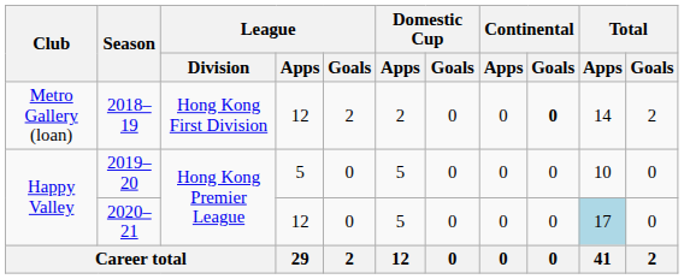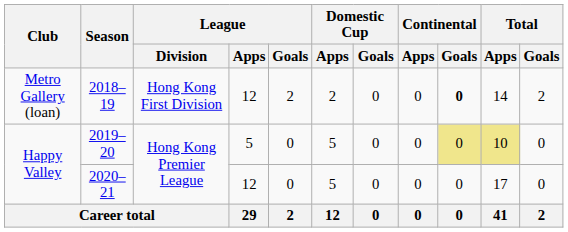 <table class="wikitable" style="text-align: center">
 <tr>
 <th rowspan="2">Club</th>
 <th rowspan="2">Season</th>
 <th colspan="3">League</th>
 <th colspan="2">Domestic Cup</th>
 <th colspan="2">Continental</th>
 <th colspan="2">Total</th>
 </tr>
 <tr>
 <th>Division</th>
 <th>Apps</th>
 <th>Goals</th>
 <th>Apps</th>
 <th>Goals</th>
 <th>Apps</th>
 <th>Goals</th>
 <th>Apps</th>
 <th>Goals</th>
 </tr>
 <tr>
 <td><a href='#'>Metro Gallery</a> (loan)</td>
 <td><a href='#'>2018–19</a></td>
 <td><a href='#'>Hong Kong First Division</a></td>
 <td>12</td>
 <td>2</td>
 <td>2</td>
 <td>0</td>
 <td>0</td>
 <td><strong>0</strong></td>
 <td>14</td>
 <td>2</td>
 </tr>
 <tr>
 <td rowspan="2"><a href='#'>Happy Valley</a></td>
 <td><a href='#'>2019–20</a></td>
 <td rowspan="2"><a href='#'>Hong Kong Premier League</a></td>
 <td>5</td>
 <td>0</td>
 <td>5</td>
 <td>0</td>
 <td>0</td>
-<td>0</td>
-<td>10</td>
+<td style="background: khaki;">0</td>
+<td style="background: khaki;">10</td>
 <td>0</td>
 </tr>
 <tr>
 <td><a href='#'>2020–21</a></td>
 <td>12</td>
 <td>0</td>
 <td>5</td>
 <td>0</td>
 <td>0</td>
 <td>0</td>
-<td style="background: lightblue;">17</td>
+<td>17</td>
 <td>0</td>
 </tr>
 <tr>
 <th colspan=3>Career total</th>
 <th>29</th>
 <th>2</th>
 <th>12</th>
 <th>0</th>
 <th>0</th>
 <th>0</th>
 <th>41</th>
 <th>2</th>
 </tr>
 </table>
